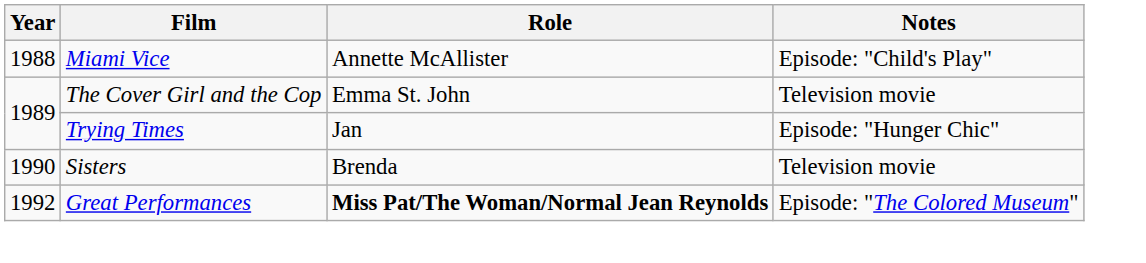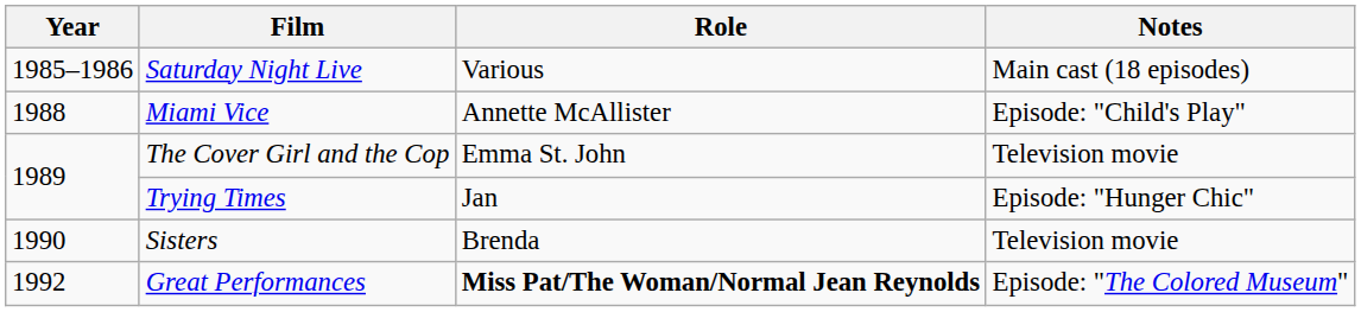 <table class="wikitable" style="font size:90%">
 <tr>
 <th>Year</th>
 <th>Film</th>
 <th>Role</th>
 <th>Notes</th>
+</tr>
+<tr>
+<td>1985–1986</td>
+<td><em><a href='#'>Saturday Night Live</a></em></td>
+<td>Various</td>
+<td>Main cast (18 episodes)</td>
 </tr>
 <tr>
 <td>1988</td>
 <td><em><a href='#'>Miami Vice</a></em></td>
 <td>Annette McAllister</td>
 <td>Episode: "Child's Play"</td>
 </tr>
 <tr>
 <td rowspan=2>1989</td>
 <td><em>The Cover Girl and the Cop</em></td>
 <td>Emma St. John</td>
 <td>Television movie</td>
 </tr>
 <tr>
 <td><em><a href='#'>Trying Times</a></em></td>
 <td>Jan</td>
 <td>Episode: "Hunger Chic"</td>
 </tr>
 <tr>
 <td>1990</td>
 <td><em>Sisters</em></td>
 <td>Brenda</td>
 <td>Television movie</td>
 </tr>
 <tr>
 <td>1992</td>
 <td><em><a href='#'>Great Performances</a></em></td>
 <td><strong>Miss Pat/The Woman/Normal Jean Reynolds</strong></td>
 <td>Episode: "<a href='#'><em>The Colored Museum</em></a>"</td>
 </tr>
 </table>
